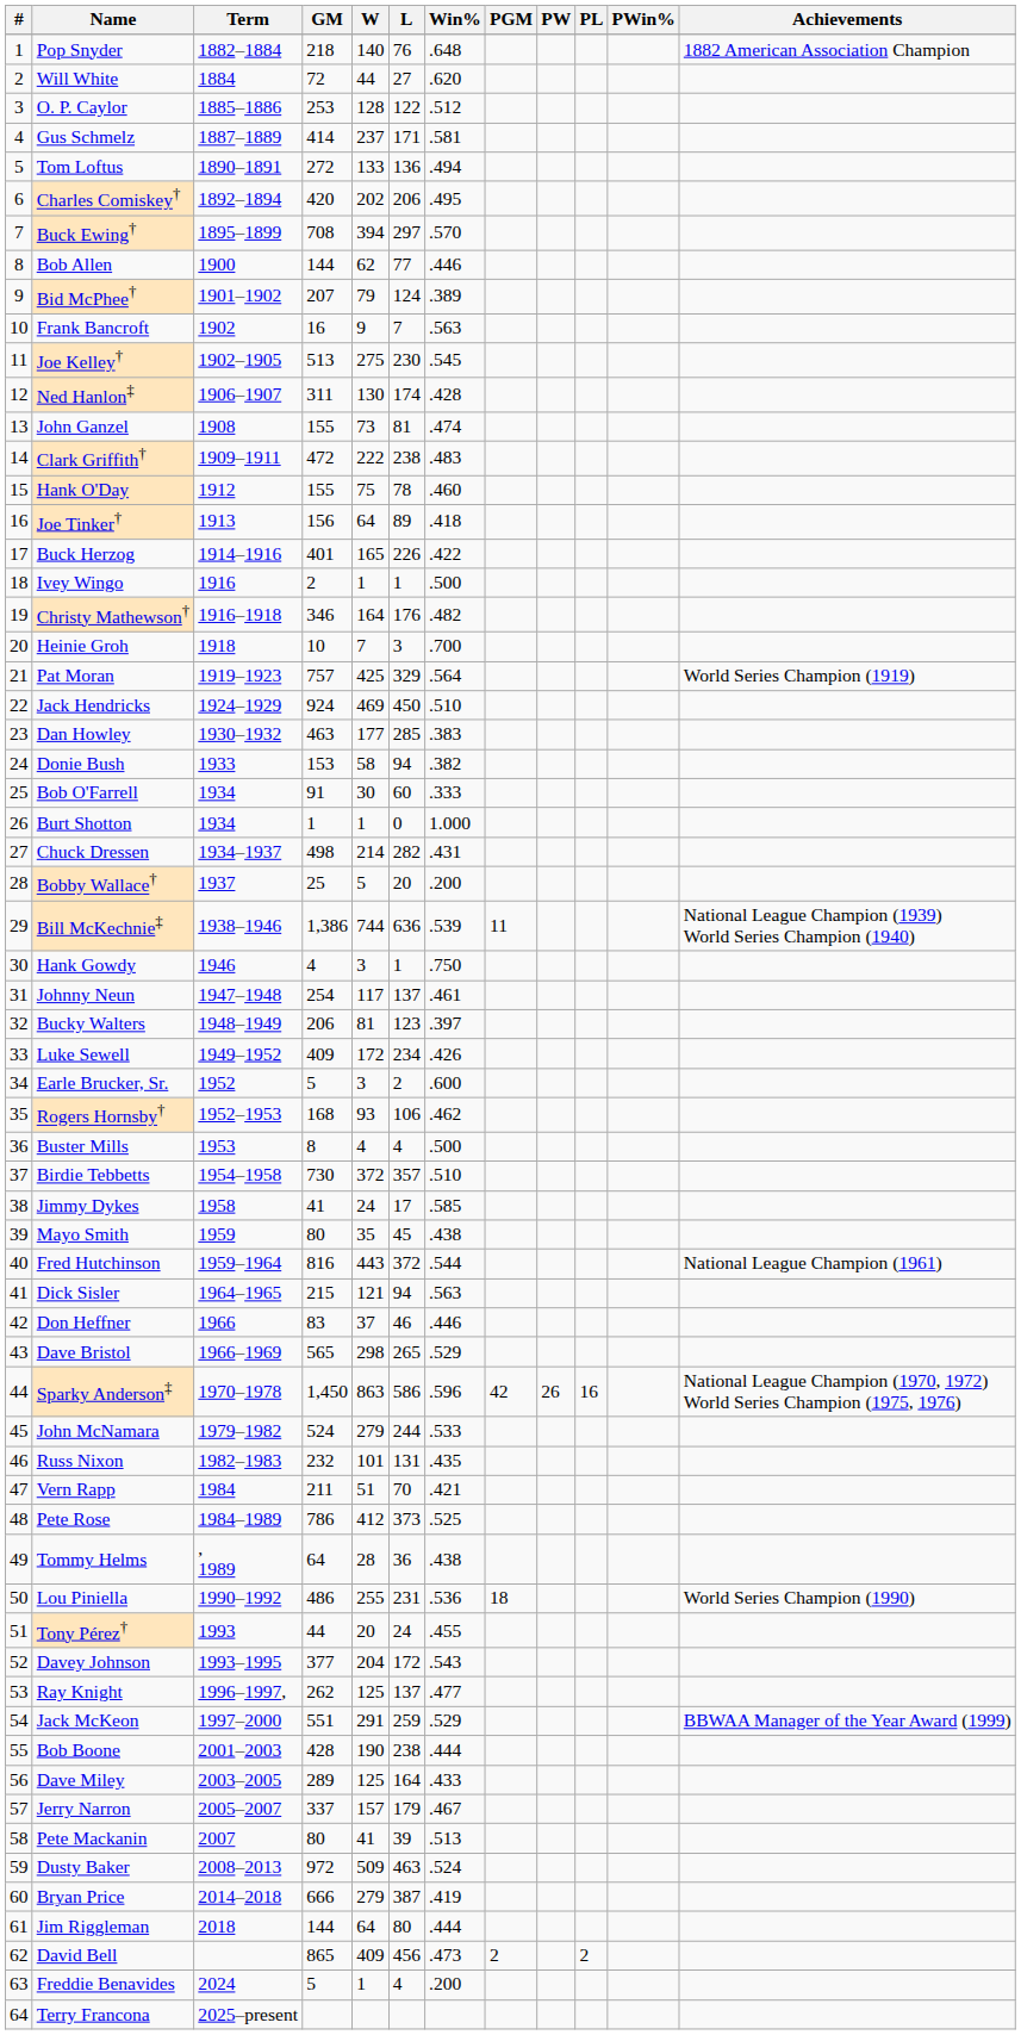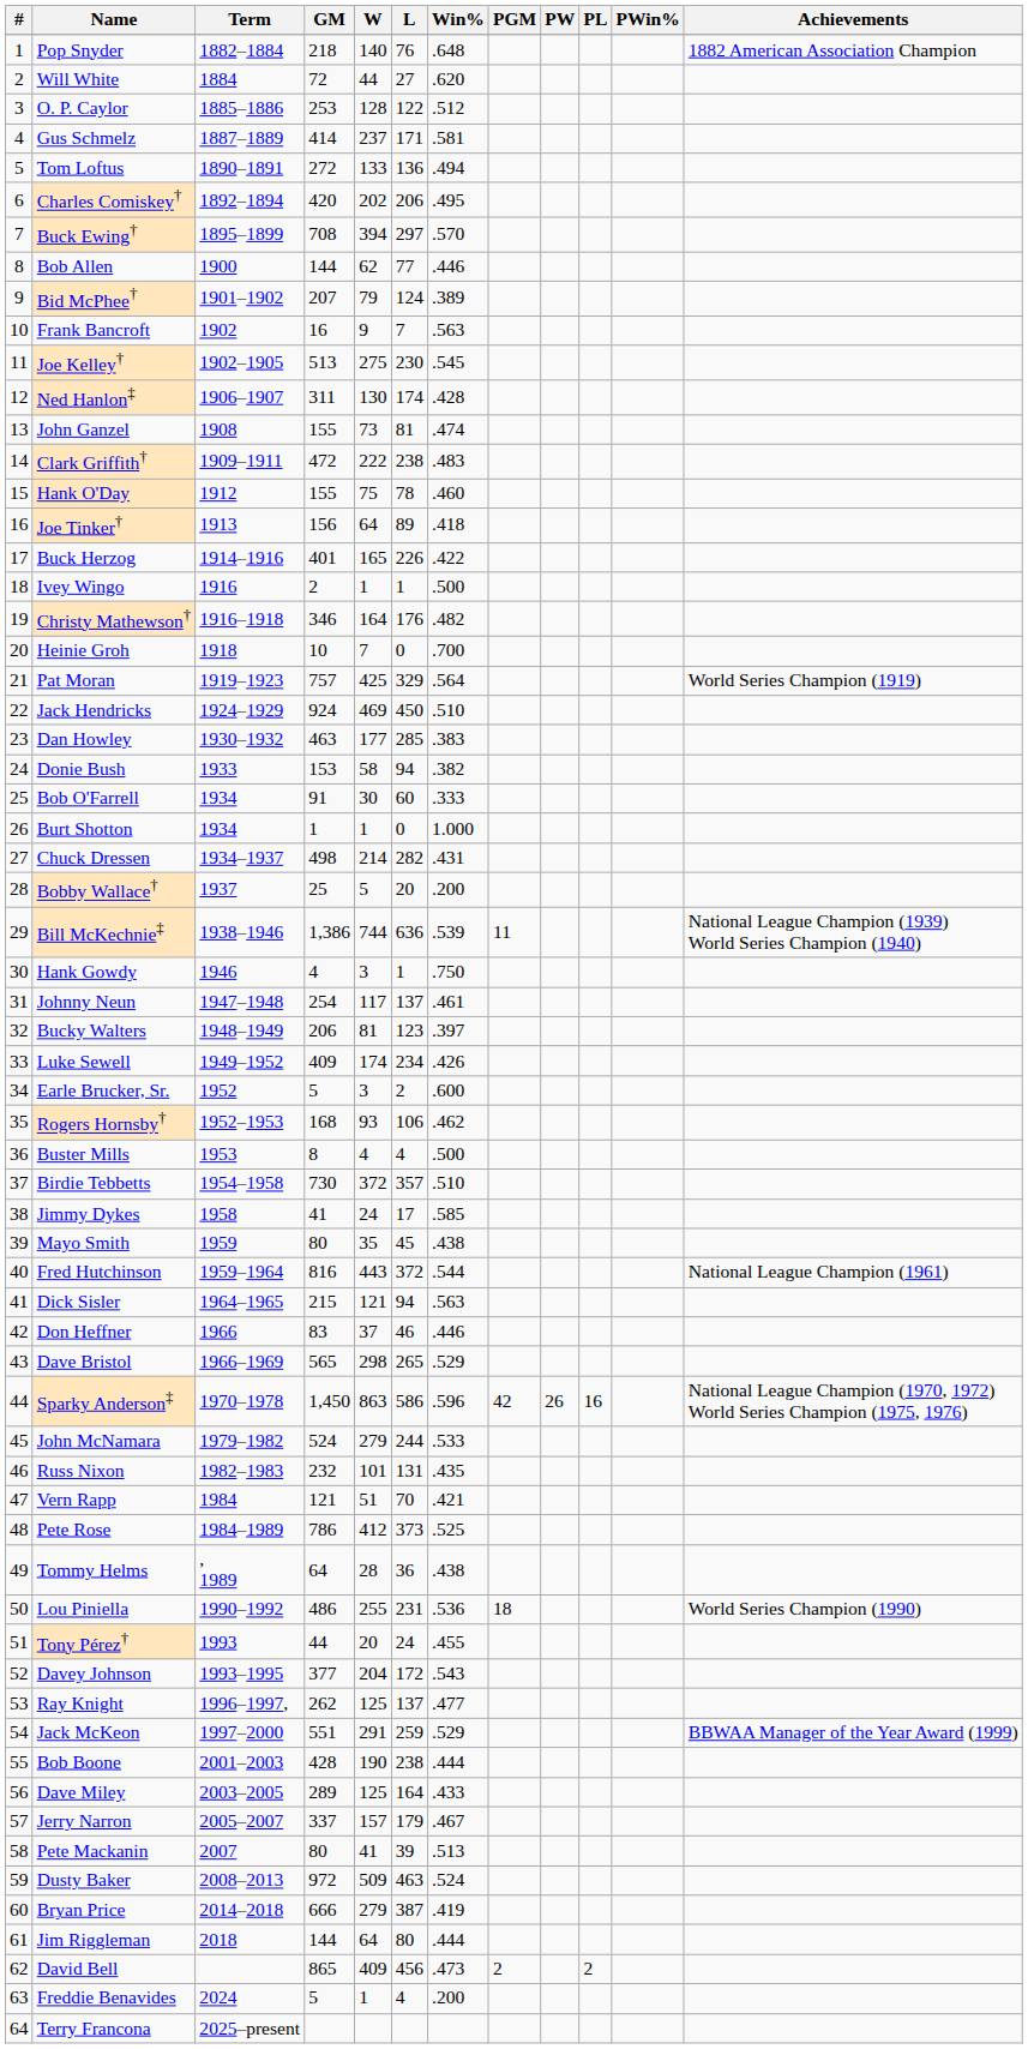 <table class="wikitable sortable">
 <tr>
 <th>#</th>
 <th>Name</th>
 <th>Term</th>
 <th>GM</th>
 <th>W</th>
 <th>L</th>
 <th>Win%</th>
 <th>PGM</th>
 <th>PW</th>
 <th>PL</th>
 <th>PWin%</th>
 <th class="unsortable">Achievements</th>
 </tr>
 <tr>
 </tr>
 <tr>
 <td align=center>1</td>
 <td><a href='#'>Pop Snyder</a></td>
 <td><a href='#'>1882</a>–<a href='#'>1884</a></td>
 <td>218</td>
 <td>140</td>
 <td>76</td>
 <td>.648</td>
 <td></td>
 <td></td>
 <td></td>
 <td></td>
 <td><a href='#'>1882 American Association</a> Champion</td>
 </tr>
 <tr>
 <td align=center>2</td>
 <td><a href='#'>Will White</a></td>
 <td><a href='#'>1884</a></td>
 <td>72</td>
 <td>44</td>
 <td>27</td>
 <td>.620</td>
 <td></td>
 <td></td>
 <td></td>
 <td></td>
 <td></td>
 </tr>
 <tr>
 <td align=center>3</td>
 <td><a href='#'>O. P. Caylor</a></td>
 <td><a href='#'>1885</a>–<a href='#'>1886</a></td>
 <td>253</td>
 <td>128</td>
 <td>122</td>
 <td>.512</td>
 <td></td>
 <td></td>
 <td></td>
 <td></td>
 <td></td>
 </tr>
 <tr>
 <td align=center>4</td>
 <td><a href='#'>Gus Schmelz</a></td>
 <td><a href='#'>1887</a>–<a href='#'>1889</a></td>
 <td>414</td>
 <td>237</td>
 <td>171</td>
 <td>.581</td>
 <td></td>
 <td></td>
 <td></td>
 <td></td>
 <td></td>
 </tr>
 <tr>
 <td align=center>5</td>
 <td><a href='#'>Tom Loftus</a></td>
 <td><a href='#'>1890</a>–<a href='#'>1891</a></td>
 <td>272</td>
 <td>133</td>
 <td>136</td>
 <td>.494</td>
 <td></td>
 <td></td>
 <td></td>
 <td></td>
 <td></td>
 </tr>
 <tr>
 <td align=center>6</td>
 <td style="background-color:#FFE6BD"><a href='#'>Charles Comiskey</a><sup>†</sup></td>
 <td><a href='#'>1892</a>–<a href='#'>1894</a></td>
 <td>420</td>
 <td>202</td>
 <td>206</td>
 <td>.495</td>
 <td></td>
 <td></td>
 <td></td>
 <td></td>
 <td></td>
 </tr>
 <tr>
 <td align=center>7</td>
 <td style="background-color:#FFE6BD"><a href='#'>Buck Ewing</a><sup>†</sup></td>
 <td><a href='#'>1895</a>–<a href='#'>1899</a></td>
 <td>708</td>
 <td>394</td>
 <td>297</td>
 <td>.570</td>
 <td></td>
 <td></td>
 <td></td>
 <td></td>
 <td></td>
 </tr>
 <tr>
 <td align=center>8</td>
 <td><a href='#'>Bob Allen</a></td>
 <td><a href='#'>1900</a></td>
 <td>144</td>
 <td>62</td>
 <td>77</td>
 <td>.446</td>
 <td></td>
 <td></td>
 <td></td>
 <td></td>
 <td></td>
 </tr>
 <tr>
 <td align=center>9</td>
 <td style="background-color:#FFE6BD"><a href='#'>Bid McPhee</a><sup>†</sup></td>
 <td><a href='#'>1901</a>–<a href='#'>1902</a></td>
 <td>207</td>
 <td>79</td>
 <td>124</td>
 <td>.389</td>
 <td></td>
 <td></td>
 <td></td>
 <td></td>
 <td></td>
 </tr>
 <tr>
 <td align=center>10</td>
 <td><a href='#'>Frank Bancroft</a></td>
 <td><a href='#'>1902</a></td>
 <td>16</td>
 <td>9</td>
 <td>7</td>
 <td>.563</td>
 <td></td>
 <td></td>
 <td></td>
 <td></td>
 <td></td>
 </tr>
 <tr>
 <td align=center>11</td>
 <td style="background-color:#FFE6BD"><a href='#'>Joe Kelley</a><sup>†</sup></td>
 <td><a href='#'>1902</a>–<a href='#'>1905</a></td>
 <td>513</td>
 <td>275</td>
 <td>230</td>
 <td>.545</td>
 <td></td>
 <td></td>
 <td></td>
 <td></td>
 <td></td>
 </tr>
 <tr>
 <td align=center>12</td>
 <td style="background-color:#FFE6BD"><a href='#'>Ned Hanlon</a><sup>‡</sup></td>
 <td><a href='#'>1906</a>–<a href='#'>1907</a></td>
 <td>311</td>
 <td>130</td>
 <td>174</td>
 <td>.428</td>
 <td></td>
 <td></td>
 <td></td>
 <td></td>
 <td></td>
 </tr>
 <tr>
 <td align=center>13</td>
 <td><a href='#'>John Ganzel</a></td>
 <td><a href='#'>1908</a></td>
 <td>155</td>
 <td>73</td>
 <td>81</td>
 <td>.474</td>
 <td></td>
 <td></td>
 <td></td>
 <td></td>
 <td></td>
 </tr>
 <tr>
 <td align=center>14</td>
 <td style="background-color:#FFE6BD"><a href='#'>Clark Griffith</a><sup>†</sup></td>
 <td><a href='#'>1909</a>–<a href='#'>1911</a></td>
 <td>472</td>
 <td>222</td>
 <td>238</td>
 <td>.483</td>
 <td></td>
 <td></td>
 <td></td>
 <td></td>
 <td></td>
 </tr>
 <tr>
 <td align=center>15</td>
 <td style="background-color:#FFE6BD"><a href='#'>Hank O'Day</a></td>
 <td><a href='#'>1912</a></td>
 <td>155</td>
 <td>75</td>
 <td>78</td>
 <td>.460</td>
 <td></td>
 <td></td>
 <td></td>
 <td></td>
 <td></td>
 </tr>
 <tr>
 <td align=center>16</td>
 <td style="background-color:#FFE6BD"><a href='#'>Joe Tinker</a><sup>†</sup></td>
 <td><a href='#'>1913</a></td>
 <td>156</td>
 <td>64</td>
 <td>89</td>
 <td>.418</td>
 <td></td>
 <td></td>
 <td></td>
 <td></td>
 <td></td>
 </tr>
 <tr>
 <td align=center>17</td>
 <td><a href='#'>Buck Herzog</a></td>
 <td><a href='#'>1914</a>–<a href='#'>1916</a></td>
 <td>401</td>
 <td>165</td>
 <td>226</td>
 <td>.422</td>
 <td></td>
 <td></td>
 <td></td>
 <td></td>
 <td></td>
 </tr>
 <tr>
 <td align=center>18</td>
 <td><a href='#'>Ivey Wingo</a></td>
 <td><a href='#'>1916</a></td>
 <td>2</td>
 <td>1</td>
 <td>1</td>
 <td>.500</td>
 <td></td>
 <td></td>
 <td></td>
 <td></td>
 <td></td>
 </tr>
 <tr>
 <td align=center>19</td>
 <td style="background-color:#FFE6BD"><a href='#'>Christy Mathewson</a><sup>†</sup></td>
 <td><a href='#'>1916</a>–<a href='#'>1918</a></td>
 <td>346</td>
 <td>164</td>
 <td>176</td>
 <td>.482</td>
 <td></td>
 <td></td>
 <td></td>
 <td></td>
 <td></td>
 </tr>
 <tr>
 <td align=center>20</td>
 <td><a href='#'>Heinie Groh</a></td>
 <td><a href='#'>1918</a></td>
 <td>10</td>
 <td>7</td>
-<td>3</td>
+<td>0</td>
 <td>.700</td>
 <td></td>
 <td></td>
 <td></td>
 <td></td>
 <td></td>
 </tr>
 <tr>
 <td align=center>21</td>
 <td><a href='#'>Pat Moran</a></td>
 <td><a href='#'>1919</a>–<a href='#'>1923</a></td>
 <td>757</td>
 <td>425</td>
 <td>329</td>
 <td>.564</td>
 <td></td>
 <td></td>
 <td></td>
 <td></td>
 <td>World Series Champion (<a href='#'>1919</a>)</td>
 </tr>
 <tr>
 <td align=center>22</td>
 <td><a href='#'>Jack Hendricks</a></td>
 <td><a href='#'>1924</a>–<a href='#'>1929</a></td>
 <td>924</td>
 <td>469</td>
 <td>450</td>
 <td>.510</td>
 <td></td>
 <td></td>
 <td></td>
 <td></td>
 <td></td>
 </tr>
 <tr>
 <td align=center>23</td>
 <td><a href='#'>Dan Howley</a></td>
 <td><a href='#'>1930</a>–<a href='#'>1932</a></td>
 <td>463</td>
 <td>177</td>
 <td>285</td>
 <td>.383</td>
 <td></td>
 <td></td>
 <td></td>
 <td></td>
 <td></td>
 </tr>
 <tr>
 <td align=center>24</td>
 <td><a href='#'>Donie Bush</a></td>
 <td><a href='#'>1933</a></td>
 <td>153</td>
 <td>58</td>
 <td>94</td>
 <td>.382</td>
 <td></td>
 <td></td>
 <td></td>
 <td></td>
 <td></td>
 </tr>
 <tr>
 <td align=center>25</td>
 <td><a href='#'>Bob O'Farrell</a></td>
 <td><a href='#'>1934</a></td>
 <td>91</td>
 <td>30</td>
 <td>60</td>
 <td>.333</td>
 <td></td>
 <td></td>
 <td></td>
 <td></td>
 <td></td>
 </tr>
 <tr>
 <td align=center>26</td>
 <td><a href='#'>Burt Shotton</a></td>
 <td><a href='#'>1934</a></td>
 <td>1</td>
 <td>1</td>
 <td>0</td>
 <td>1.000</td>
 <td></td>
 <td></td>
 <td></td>
 <td></td>
 <td></td>
 </tr>
 <tr>
 <td align=center>27</td>
 <td><a href='#'>Chuck Dressen</a></td>
 <td><a href='#'>1934</a>–<a href='#'>1937</a></td>
 <td>498</td>
 <td>214</td>
 <td>282</td>
 <td>.431</td>
 <td></td>
 <td></td>
 <td></td>
 <td></td>
 <td></td>
 </tr>
 <tr>
 <td align=center>28</td>
 <td style="background-color:#FFE6BD"><a href='#'>Bobby Wallace</a><sup>†</sup></td>
 <td><a href='#'>1937</a></td>
 <td>25</td>
 <td>5</td>
 <td>20</td>
 <td>.200</td>
 <td></td>
 <td></td>
 <td></td>
 <td></td>
 <td></td>
 </tr>
 <tr>
 <td align=center>29</td>
 <td style="background-color:#FFE6BD"><a href='#'>Bill McKechnie</a><sup>‡</sup></td>
 <td><a href='#'>1938</a>–<a href='#'>1946</a></td>
 <td>1,386</td>
 <td>744</td>
 <td>636</td>
 <td>.539</td>
 <td>11</td>
 <td></td>
 <td></td>
 <td></td>
 <td>National League Champion (<a href='#'>1939</a>)<br>World Series Champion (<a href='#'>1940</a>)</td>
 </tr>
 <tr>
 <td align=center>30</td>
 <td><a href='#'>Hank Gowdy</a></td>
 <td><a href='#'>1946</a></td>
 <td>4</td>
 <td>3</td>
 <td>1</td>
 <td>.750</td>
 <td></td>
 <td></td>
 <td></td>
 <td></td>
 <td></td>
 </tr>
 <tr>
 <td align=center>31</td>
 <td><a href='#'>Johnny Neun</a></td>
 <td><a href='#'>1947</a>–<a href='#'>1948</a></td>
 <td>254</td>
 <td>117</td>
 <td>137</td>
 <td>.461</td>
 <td></td>
 <td></td>
 <td></td>
 <td></td>
 <td></td>
 </tr>
 <tr>
 <td align=center>32</td>
 <td><a href='#'>Bucky Walters</a></td>
 <td><a href='#'>1948</a>–<a href='#'>1949</a></td>
 <td>206</td>
 <td>81</td>
 <td>123</td>
 <td>.397</td>
 <td></td>
 <td></td>
 <td></td>
 <td></td>
 <td></td>
 </tr>
 <tr>
 <td align=center>33</td>
 <td><a href='#'>Luke Sewell</a></td>
 <td><a href='#'>1949</a>–<a href='#'>1952</a></td>
 <td>409</td>
-<td>172</td>
+<td>174</td>
 <td>234</td>
 <td>.426</td>
 <td></td>
 <td></td>
 <td></td>
 <td></td>
 <td></td>
 </tr>
 <tr>
 <td align=center>34</td>
 <td><a href='#'>Earle Brucker, Sr.</a></td>
 <td><a href='#'>1952</a></td>
 <td>5</td>
 <td>3</td>
 <td>2</td>
 <td>.600</td>
 <td></td>
 <td></td>
 <td></td>
 <td></td>
 <td></td>
 </tr>
 <tr>
 <td align=center>35</td>
 <td style="background-color:#FFE6BD"><a href='#'>Rogers Hornsby</a><sup>†</sup></td>
 <td><a href='#'>1952</a>–<a href='#'>1953</a></td>
 <td>168</td>
 <td>93</td>
 <td>106</td>
 <td>.462</td>
 <td></td>
 <td></td>
 <td></td>
 <td></td>
 <td></td>
 </tr>
 <tr>
 <td align=center>36</td>
 <td><a href='#'>Buster Mills</a></td>
 <td><a href='#'>1953</a></td>
 <td>8</td>
 <td>4</td>
 <td>4</td>
 <td>.500</td>
 <td></td>
 <td></td>
 <td></td>
 <td></td>
 <td></td>
 </tr>
 <tr>
 <td align=center>37</td>
 <td><a href='#'>Birdie Tebbetts</a></td>
 <td><a href='#'>1954</a>–<a href='#'>1958</a></td>
 <td>730</td>
 <td>372</td>
 <td>357</td>
 <td>.510</td>
 <td></td>
 <td></td>
 <td></td>
 <td></td>
 <td></td>
 </tr>
 <tr>
 <td align=center>38</td>
 <td><a href='#'>Jimmy Dykes</a></td>
 <td><a href='#'>1958</a></td>
 <td>41</td>
 <td>24</td>
 <td>17</td>
 <td>.585</td>
 <td></td>
 <td></td>
 <td></td>
 <td></td>
 <td></td>
 </tr>
 <tr>
 <td align=center>39</td>
 <td><a href='#'>Mayo Smith</a></td>
 <td><a href='#'>1959</a></td>
 <td>80</td>
 <td>35</td>
 <td>45</td>
 <td>.438</td>
 <td></td>
 <td></td>
 <td></td>
 <td></td>
 <td></td>
 </tr>
 <tr>
 <td align=center>40</td>
 <td><a href='#'>Fred Hutchinson</a></td>
 <td><a href='#'>1959</a>–<a href='#'>1964</a></td>
 <td>816</td>
 <td>443</td>
 <td>372</td>
 <td>.544</td>
 <td></td>
 <td></td>
 <td></td>
 <td></td>
 <td>National League Champion (<a href='#'>1961</a>)</td>
 </tr>
 <tr>
 <td align=center>41</td>
 <td><a href='#'>Dick Sisler</a></td>
 <td><a href='#'>1964</a>–<a href='#'>1965</a></td>
 <td>215</td>
 <td>121</td>
 <td>94</td>
 <td>.563</td>
 <td></td>
 <td></td>
 <td></td>
 <td></td>
 <td></td>
 </tr>
 <tr>
 <td align=center>42</td>
 <td><a href='#'>Don Heffner</a></td>
 <td><a href='#'>1966</a></td>
 <td>83</td>
 <td>37</td>
 <td>46</td>
 <td>.446</td>
 <td></td>
 <td></td>
 <td></td>
 <td></td>
 <td></td>
 </tr>
 <tr>
 <td align=center>43</td>
 <td><a href='#'>Dave Bristol</a></td>
 <td><a href='#'>1966</a>–<a href='#'>1969</a></td>
 <td>565</td>
 <td>298</td>
 <td>265</td>
 <td>.529</td>
 <td></td>
 <td></td>
 <td></td>
 <td></td>
 <td></td>
 </tr>
 <tr>
 <td align=center>44</td>
 <td style="background-color:#FFE6BD"><a href='#'>Sparky Anderson</a><sup>‡</sup></td>
 <td><a href='#'>1970</a>–<a href='#'>1978</a></td>
 <td>1,450</td>
 <td>863</td>
 <td>586</td>
 <td>.596</td>
 <td>42</td>
 <td>26</td>
 <td>16</td>
 <td></td>
 <td>National League Champion (<a href='#'>1970</a>, <a href='#'>1972</a>)<br>World Series Champion (<a href='#'>1975</a>, <a href='#'>1976</a>)</td>
 </tr>
 <tr>
 <td align=center>45</td>
 <td><a href='#'>John McNamara</a></td>
 <td><a href='#'>1979</a>–<a href='#'>1982</a></td>
 <td>524</td>
 <td>279</td>
 <td>244</td>
 <td>.533</td>
 <td></td>
 <td></td>
 <td></td>
 <td></td>
 <td></td>
 </tr>
 <tr>
 <td align=center>46</td>
 <td><a href='#'>Russ Nixon</a></td>
 <td><a href='#'>1982</a>–<a href='#'>1983</a></td>
 <td>232</td>
 <td>101</td>
 <td>131</td>
 <td>.435</td>
 <td></td>
 <td></td>
 <td></td>
 <td></td>
 <td></td>
 </tr>
 <tr>
 <td align=center>47</td>
 <td><a href='#'>Vern Rapp</a></td>
 <td><a href='#'>1984</a></td>
-<td>211</td>
+<td>121</td>
 <td>51</td>
 <td>70</td>
 <td>.421</td>
 <td></td>
 <td></td>
 <td></td>
 <td></td>
 <td></td>
 </tr>
 <tr>
 <td align=center>48</td>
 <td><a href='#'>Pete Rose</a></td>
 <td><a href='#'>1984</a>–<a href='#'>1989</a></td>
 <td>786</td>
 <td>412</td>
 <td>373</td>
 <td>.525</td>
 <td></td>
 <td></td>
 <td></td>
 <td></td>
 <td></td>
 </tr>
 <tr>
 <td align=center>49</td>
 <td><a href='#'>Tommy Helms</a></td>
 <td>,<br><a href='#'>1989</a></td>
 <td>64</td>
 <td>28</td>
 <td>36</td>
 <td>.438</td>
 <td></td>
 <td></td>
 <td></td>
 <td></td>
 <td></td>
 </tr>
 <tr>
 <td align=center>50</td>
 <td><a href='#'>Lou Piniella</a></td>
 <td><a href='#'>1990</a>–<a href='#'>1992</a></td>
 <td>486</td>
 <td>255</td>
 <td>231</td>
 <td>.536</td>
 <td>18</td>
 <td></td>
 <td></td>
 <td></td>
 <td>World Series Champion (<a href='#'>1990</a>)</td>
 </tr>
 <tr>
 <td align=center>51</td>
 <td style="background-color:#FFE6BD"><a href='#'>Tony Pérez</a><sup>†</sup></td>
 <td><a href='#'>1993</a></td>
 <td>44</td>
 <td>20</td>
 <td>24</td>
 <td>.455</td>
 <td></td>
 <td></td>
 <td></td>
 <td></td>
 <td></td>
 </tr>
 <tr>
 <td align=center>52</td>
 <td><a href='#'>Davey Johnson</a></td>
 <td><a href='#'>1993</a>–<a href='#'>1995</a></td>
 <td>377</td>
 <td>204</td>
 <td>172</td>
 <td>.543</td>
 <td></td>
 <td></td>
 <td></td>
 <td></td>
 <td></td>
 </tr>
 <tr>
 <td align=center>53</td>
 <td><a href='#'>Ray Knight</a></td>
 <td><a href='#'>1996</a>–<a href='#'>1997</a>,<br></td>
 <td>262</td>
 <td>125</td>
 <td>137</td>
 <td>.477</td>
 <td></td>
 <td></td>
 <td></td>
 <td></td>
 <td></td>
 </tr>
 <tr>
 <td align=center>54</td>
 <td><a href='#'>Jack McKeon</a></td>
 <td><a href='#'>1997</a>–<a href='#'>2000</a></td>
 <td>551</td>
 <td>291</td>
 <td>259</td>
 <td>.529</td>
 <td></td>
 <td></td>
 <td></td>
 <td></td>
 <td><a href='#'>BBWAA Manager of the Year Award</a> (<a href='#'>1999</a>)</td>
 </tr>
 <tr>
 <td align=center>55</td>
 <td><a href='#'>Bob Boone</a></td>
 <td><a href='#'>2001</a>–<a href='#'>2003</a></td>
 <td>428</td>
 <td>190</td>
 <td>238</td>
 <td>.444</td>
 <td></td>
 <td></td>
 <td></td>
 <td></td>
 <td></td>
 </tr>
 <tr>
 <td align=center>56</td>
 <td><a href='#'>Dave Miley</a></td>
 <td><a href='#'>2003</a>–<a href='#'>2005</a></td>
 <td>289</td>
 <td>125</td>
 <td>164</td>
 <td>.433</td>
 <td></td>
 <td></td>
 <td></td>
 <td></td>
 <td></td>
 </tr>
 <tr>
 <td align=center>57</td>
 <td><a href='#'>Jerry Narron</a></td>
 <td><a href='#'>2005</a>–<a href='#'>2007</a></td>
 <td>337</td>
 <td>157</td>
 <td>179</td>
 <td>.467</td>
 <td></td>
 <td></td>
 <td></td>
 <td></td>
 <td></td>
 </tr>
 <tr>
 <td align=center>58</td>
 <td><a href='#'>Pete Mackanin</a></td>
 <td><a href='#'>2007</a></td>
 <td>80</td>
 <td>41</td>
 <td>39</td>
 <td>.513</td>
 <td></td>
 <td></td>
 <td></td>
 <td></td>
 <td></td>
 </tr>
 <tr>
 <td align=center>59</td>
 <td><a href='#'>Dusty Baker</a></td>
 <td><a href='#'>2008</a>–<a href='#'>2013</a></td>
 <td>972</td>
 <td>509</td>
 <td>463</td>
 <td>.524</td>
 <td></td>
 <td></td>
 <td></td>
 <td></td>
 <td></td>
 </tr>
 <tr>
 <td align=center>60</td>
 <td><a href='#'>Bryan Price</a></td>
 <td><a href='#'>2014</a>–<a href='#'>2018</a></td>
 <td>666</td>
 <td>279</td>
 <td>387</td>
 <td>.419</td>
 <td></td>
 <td></td>
 <td></td>
 <td></td>
 <td></td>
 </tr>
 <tr>
 <td align=center>61</td>
 <td><a href='#'>Jim Riggleman</a></td>
 <td><a href='#'>2018</a></td>
 <td>144</td>
 <td>64</td>
 <td>80</td>
 <td>.444</td>
 <td></td>
 <td></td>
 <td></td>
 <td></td>
 <td></td>
 </tr>
 <tr>
 <td align=center>62</td>
 <td><a href='#'>David Bell</a></td>
 <td></td>
 <td>865</td>
 <td>409</td>
 <td>456</td>
 <td>.473</td>
 <td>2</td>
 <td></td>
 <td>2</td>
 <td></td>
 <td></td>
 </tr>
 <tr>
 <td>63</td>
 <td><a href='#'>Freddie Benavides</a></td>
 <td><a href='#'>2024</a></td>
 <td>5</td>
 <td>1</td>
 <td>4</td>
 <td>.200</td>
 <td></td>
 <td></td>
 <td></td>
 <td></td>
 <td></td>
 </tr>
 <tr>
 <td>64</td>
 <td><a href='#'>Terry Francona</a></td>
 <td><a href='#'>2025</a>–present</td>
 <td></td>
 <td></td>
 <td></td>
 <td></td>
 <td></td>
 <td></td>
 <td></td>
 <td></td>
 <td></td>
 </tr>
 </table>
